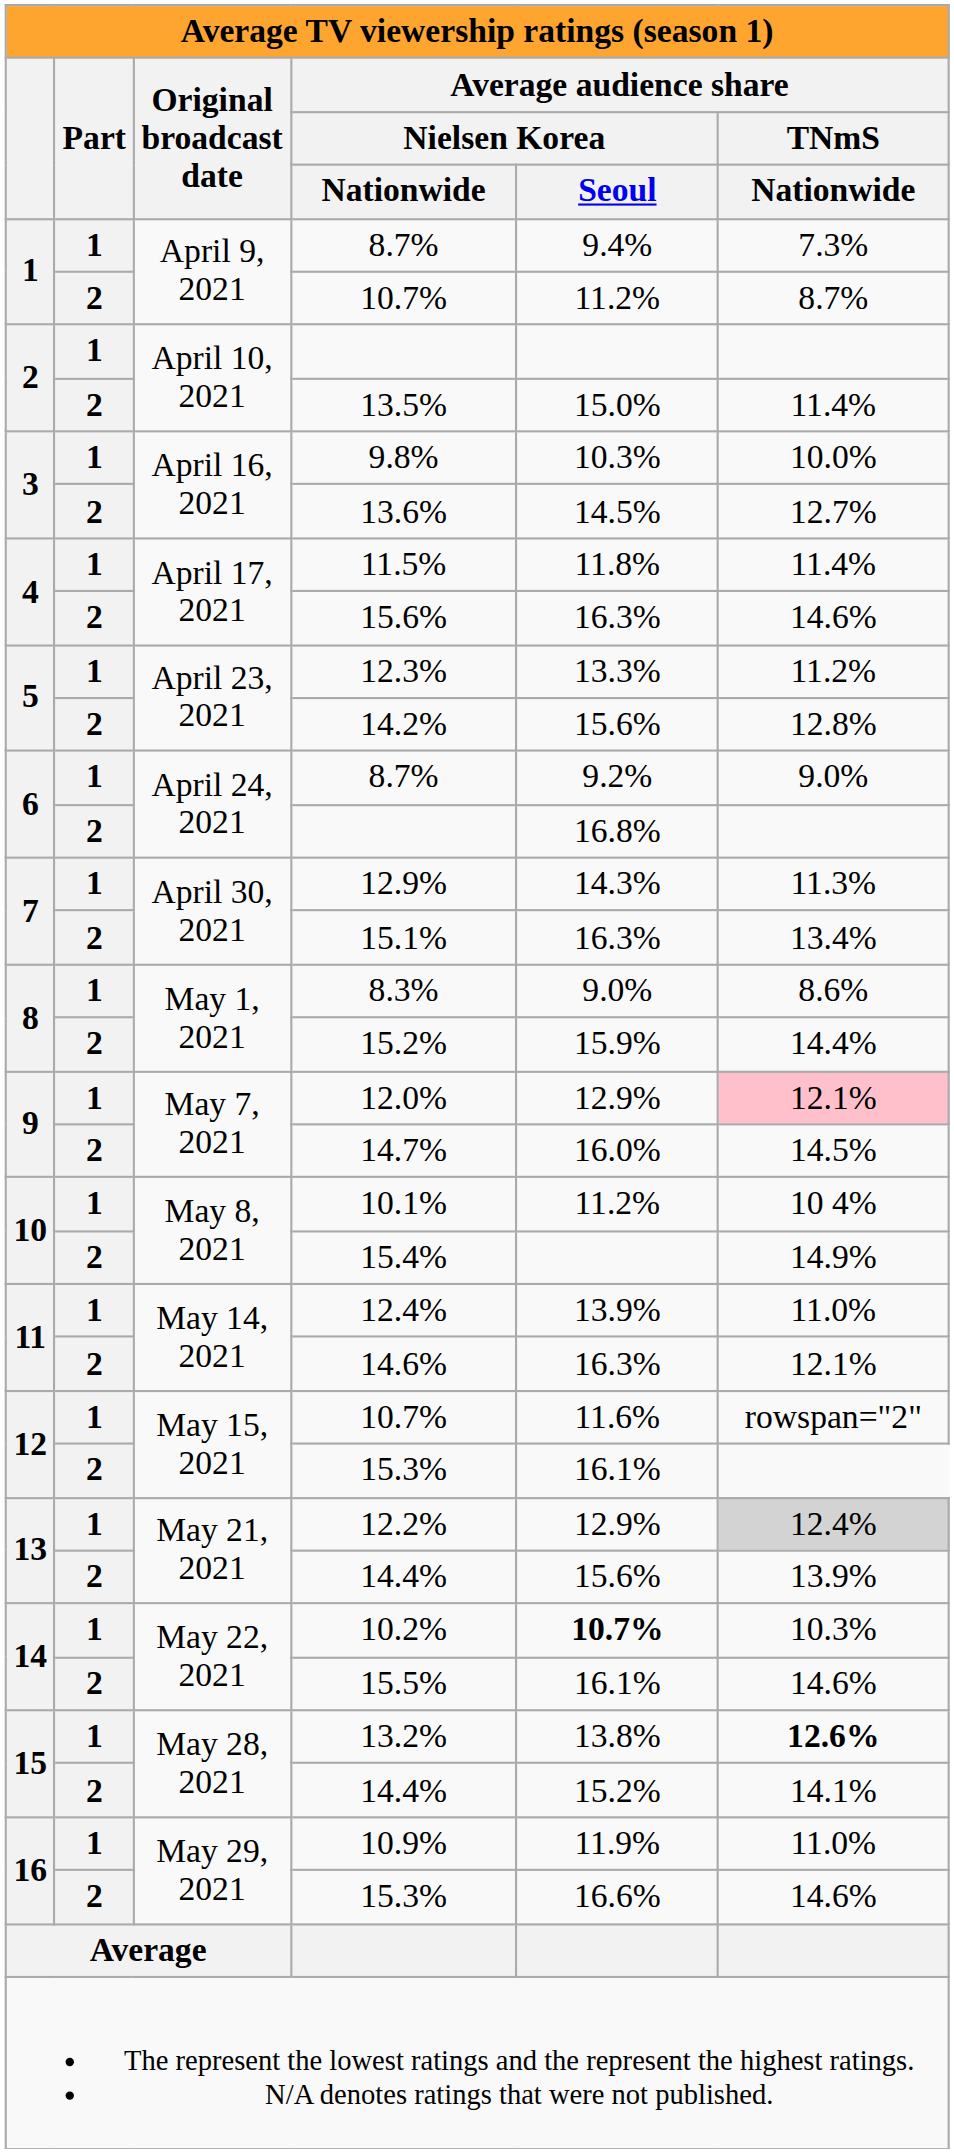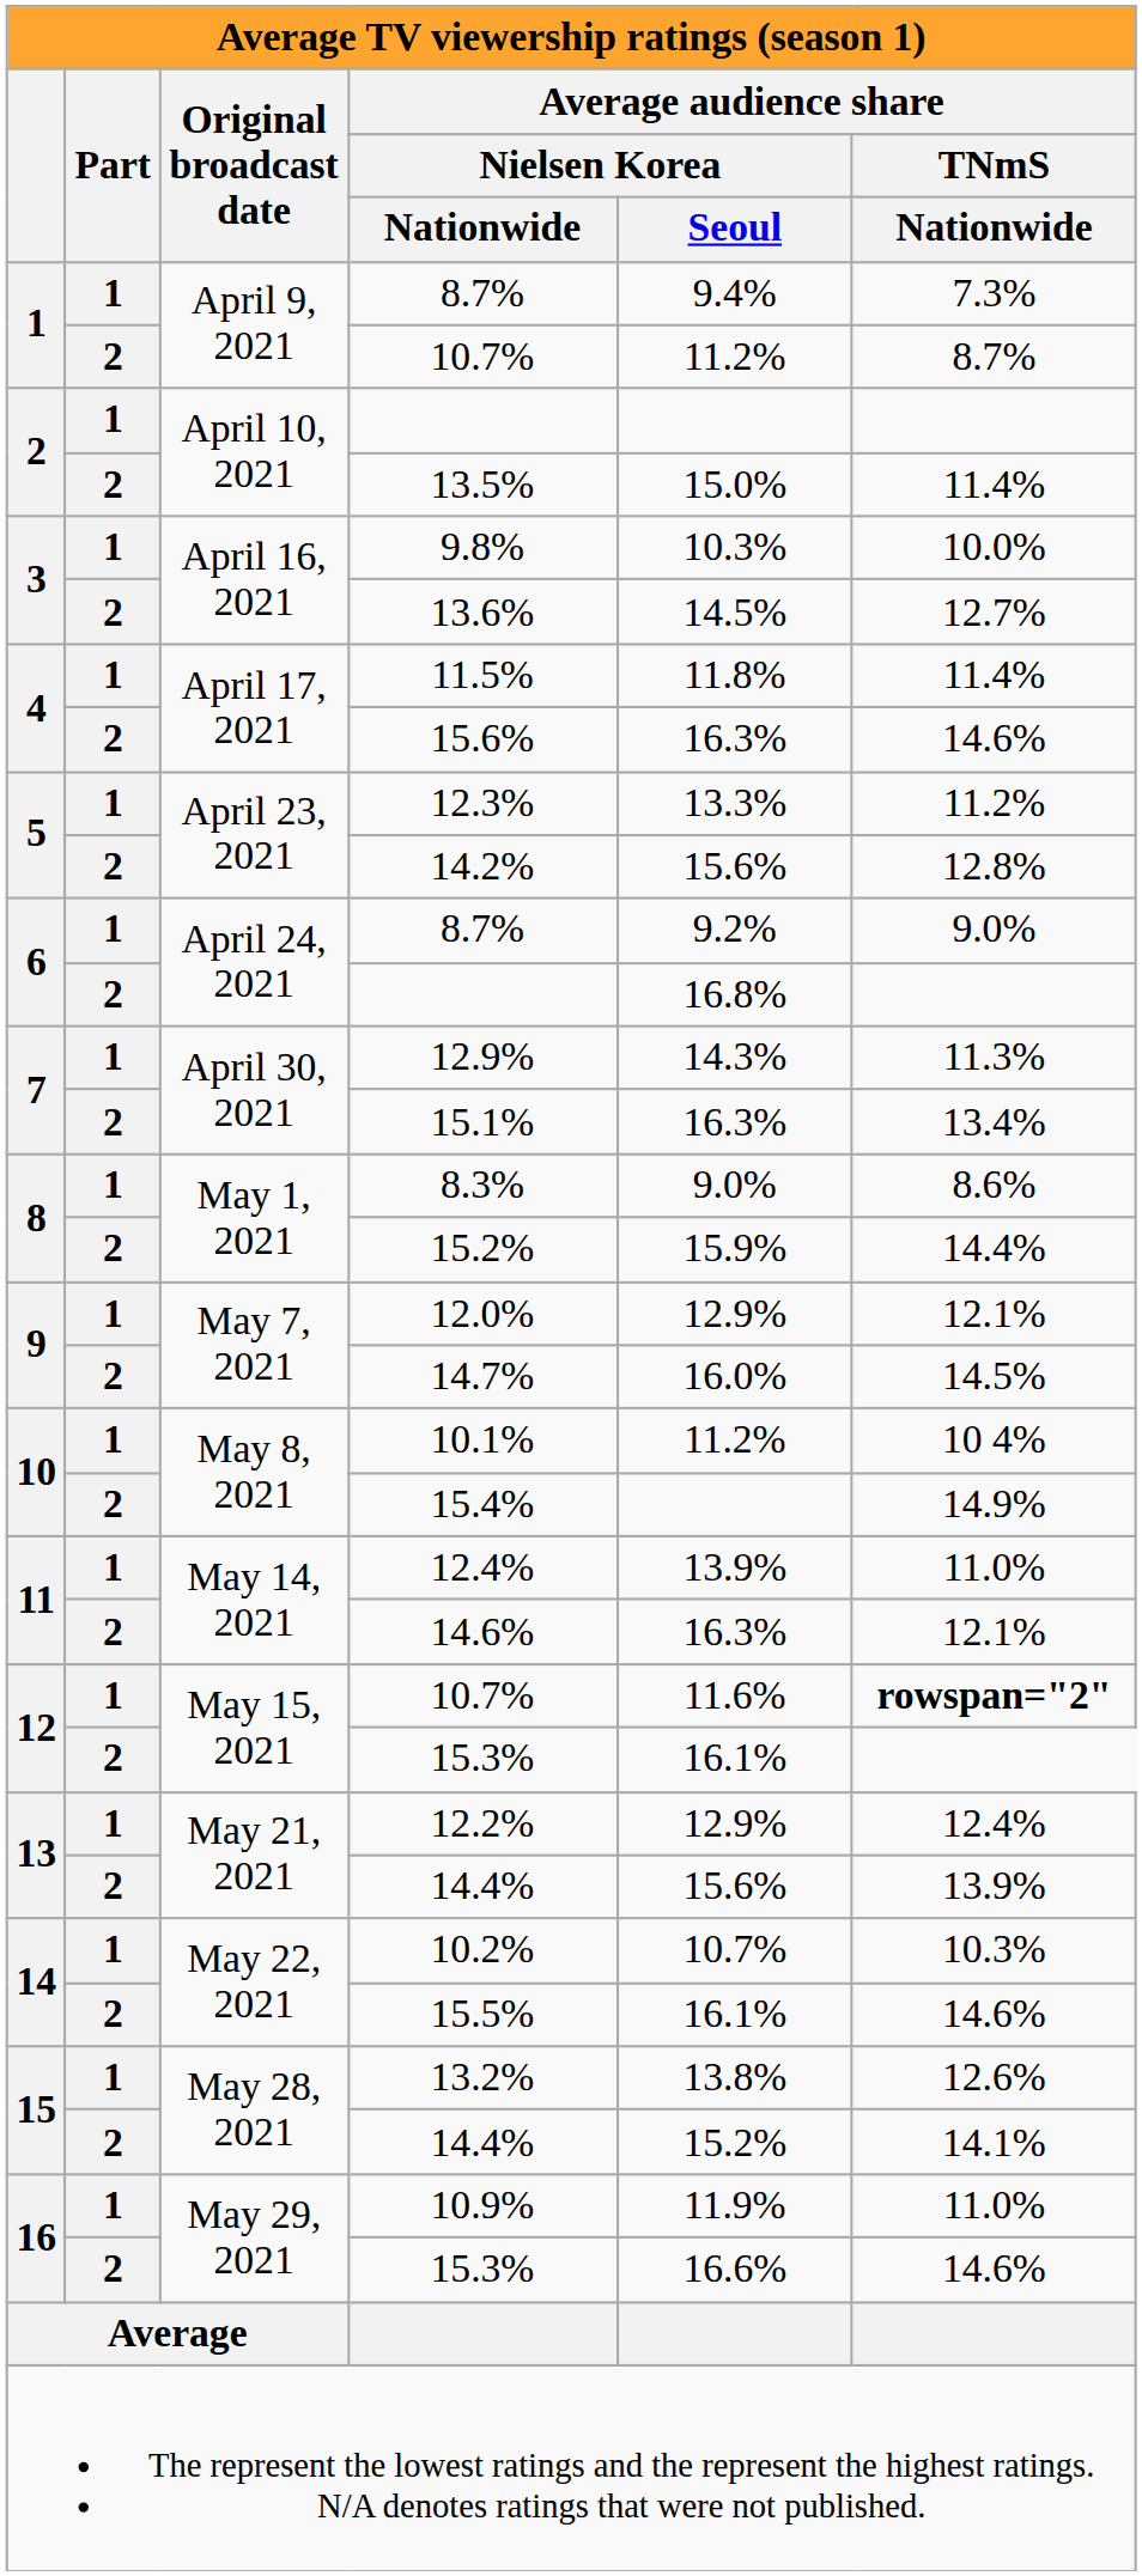 <table class="wikitable" style="text-align:center;max-width:450px; margin-left: auto; margin-right: auto; border: none;">
 <tr>
 <th colspan="6" style="background:#FEA530; text-align:center">Average TV viewership ratings (season 1)</th>
 </tr>
 <tr>
 <th scope="col" rowspan="3"></th>
 <th scope="col" rowspan="3">Part</th>
 <th scope="col" rowspan="3">Original broadcast date</th>
 <th scope="col" colspan="3">Average audience share</th>
 </tr>
 <tr>
 <th scope="col" colspan="2">Nielsen Korea</th>
 <th scope="col">TNmS</th>
 </tr>
 <tr>
 <th style="width:7em">Nationwide</th>
 <th style="width:7em"><a href='#'>Seoul</a></th>
 <th style="width:7em">Nationwide</th>
 </tr>
 <tr>
 <th scope="row" rowspan="2">1</th>
 <th scope="row">1</th>
 <td rowspan="2">April 9, 2021</td>
 <td>8.7% </td>
 <td>9.4% </td>
 <td>7.3% </td>
 </tr>
 <tr>
 <th scope="row">2</th>
 <td>10.7% </td>
 <td>11.2% </td>
 <td>8.7% </td>
 </tr>
 <tr>
 <th scope="row" rowspan="2">2</th>
 <th scope="row">1</th>
 <td rowspan="2">April 10, 2021</td>
 <td><strong></strong> </td>
 <td><strong></strong> </td>
 <td><strong></strong> </td>
 </tr>
 <tr>
 <th scope="row">2</th>
 <td>13.5% </td>
 <td>15.0% </td>
 <td>11.4% </td>
 </tr>
 <tr>
 <th scope="row" rowspan="2">3</th>
 <th scope="row">1</th>
 <td rowspan="2">April 16, 2021</td>
 <td>9.8% </td>
 <td>10.3% </td>
 <td>10.0% </td>
 </tr>
 <tr>
 <th scope="row">2</th>
 <td>13.6% </td>
 <td>14.5% </td>
 <td>12.7% </td>
 </tr>
 <tr>
 <th scope="row" rowspan="2">4</th>
 <th scope="row">1</th>
 <td rowspan="2">April 17, 2021</td>
 <td>11.5% </td>
 <td>11.8% </td>
 <td>11.4% </td>
 </tr>
 <tr>
 <th scope="row">2</th>
 <td>15.6% </td>
 <td>16.3% </td>
 <td>14.6% </td>
 </tr>
 <tr>
 <th scope="row" rowspan="2">5</th>
 <th scope="row">1</th>
 <td rowspan="2">April 23, 2021</td>
 <td>12.3% </td>
 <td>13.3% </td>
 <td>11.2% </td>
 </tr>
 <tr>
 <th scope="row">2</th>
 <td>14.2% </td>
 <td>15.6% </td>
 <td>12.8% </td>
 </tr>
 <tr>
 <th scope="row" rowspan="2">6</th>
 <th scope="row">1</th>
 <td rowspan="2">April 24, 2021</td>
 <td>8.7% </td>
 <td>9.2% </td>
 <td>9.0% </td>
 </tr>
 <tr>
 <th scope="row">2</th>
 <td><strong></strong> </td>
 <td>16.8% </td>
 <td><strong></strong> </td>
 </tr>
 <tr>
 <th scope="row" rowspan="2">7</th>
 <th scope="row">1</th>
 <td rowspan="2">April 30, 2021</td>
 <td>12.9% </td>
 <td>14.3% </td>
 <td>11.3% </td>
 </tr>
 <tr>
 <th scope="row">2</th>
 <td>15.1% </td>
 <td>16.3% </td>
 <td>13.4% </td>
 </tr>
 <tr>
 <th scope="row" rowspan="2">8</th>
 <th scope="row">1</th>
 <td rowspan="2">May 1, 2021</td>
 <td>8.3% </td>
 <td>9.0% </td>
 <td>8.6% </td>
 </tr>
 <tr>
 <th scope="row">2</th>
 <td>15.2% </td>
 <td>15.9% </td>
 <td>14.4% </td>
 </tr>
 <tr>
 <th scope="row" rowspan="2">9</th>
 <th scope="row">1</th>
 <td rowspan="2">May 7, 2021</td>
 <td>12.0% </td>
 <td>12.9% </td>
-<td style="background: pink;">12.1% </td>
+<td>12.1% </td>
 </tr>
 <tr>
 <th scope="row">2</th>
 <td>14.7% </td>
 <td>16.0% </td>
 <td>14.5% </td>
 </tr>
 <tr>
 <th scope="row" rowspan="2">10</th>
 <th scope="row">1</th>
 <td rowspan="2">May 8, 2021</td>
 <td>10.1% </td>
 <td>11.2% </td>
 <td>10 4% </td>
 </tr>
 <tr>
 <th scope="row">2</th>
 <td>15.4% </td>
 <td><strong></strong> </td>
 <td>14.9% </td>
 </tr>
 <tr>
 <th scope="row" rowspan="2">11</th>
 <th scope="row">1</th>
 <td rowspan="2">May 14, 2021</td>
 <td>12.4% </td>
 <td>13.9% </td>
 <td>11.0% </td>
 </tr>
 <tr>
 <th scope="row">2</th>
 <td>14.6% </td>
 <td>16.3% </td>
 <td>12.1% </td>
 </tr>
 <tr>
 <th scope="row" rowspan="2">12</th>
 <th scope="row">1</th>
 <td rowspan="2">May 15, 2021</td>
 <td>10.7% </td>
 <td>11.6% </td>
-<td>rowspan="2" </td>
+<td><strong>rowspan="2" </strong></td>
 </tr>
 <tr>
 <th scope="row">2</th>
 <td>15.3% </td>
 <td>16.1% </td>
 </tr>
 <tr>
 <th scope="row" rowspan="2">13</th>
 <th scope="row">1</th>
 <td rowspan="2">May 21, 2021</td>
 <td>12.2% </td>
 <td>12.9% </td>
-<td style="background: lightgrey;">12.4% </td>
+<td>12.4% </td>
 </tr>
 <tr>
 <th scope="row">2</th>
 <td>14.4% </td>
 <td>15.6% </td>
 <td>13.9% </td>
 </tr>
 <tr>
 <th scope="row" rowspan="2">14</th>
 <th scope="row">1</th>
 <td rowspan="2">May 22, 2021</td>
 <td>10.2% </td>
-<td><strong>10.7% </strong></td>
+<td>10.7% </td>
 <td>10.3% </td>
 </tr>
 <tr>
 <th scope="row">2</th>
 <td>15.5% </td>
 <td>16.1% </td>
 <td>14.6% </td>
 </tr>
 <tr>
 <th scope="row" rowspan="2">15</th>
 <th scope="row">1</th>
 <td rowspan="2">May 28, 2021</td>
 <td>13.2% </td>
 <td>13.8% </td>
-<td><strong>12.6% </strong></td>
+<td>12.6% </td>
 </tr>
 <tr>
 <th scope="row">2</th>
 <td>14.4% </td>
 <td>15.2% </td>
 <td>14.1% </td>
 </tr>
 <tr>
 <th scope="row" rowspan="2">16</th>
 <th scope="row">1</th>
 <td rowspan="2">May 29, 2021</td>
 <td>10.9% </td>
 <td>11.9% </td>
 <td>11.0% </td>
 </tr>
 <tr>
 <th scope="row">2</th>
 <td>15.3% </td>
 <td>16.6% </td>
 <td>14.6% </td>
 </tr>
 <tr>
 <th colspan="3">Average</th>
 <th></th>
 <th></th>
 <th></th>
 </tr>
 <tr>
 <td colspan="6" style="font-size:85%"><br><ul><li>The <strong></strong> represent the lowest ratings and the <strong></strong> represent the highest ratings.</li><li>N/A denotes ratings that were not published.</li></ul></td>
 </tr>
 </table>
